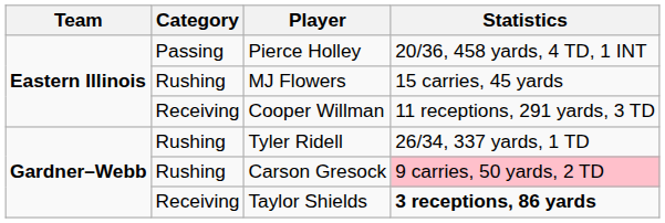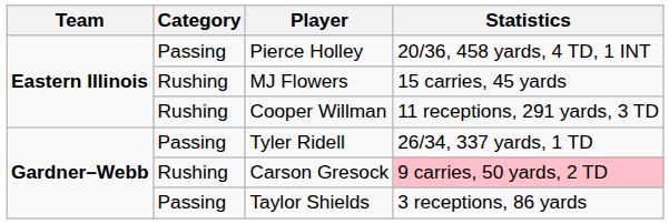 <table class="wikitable" style="float: right;">
 <tr>
 <th>Team</th>
 <th>Category</th>
 <th>Player</th>
 <th>Statistics</th>
 </tr>
 <tr>
 <td rowspan=3><strong>Eastern Illinois</strong></td>
 <td>Passing</td>
 <td>Pierce Holley</td>
 <td>20/36, 458 yards, 4 TD, 1 INT</td>
 </tr>
 <tr>
 <td>Rushing</td>
 <td>MJ Flowers</td>
 <td>15 carries, 45 yards</td>
 </tr>
 <tr>
-<td>Receiving</td>
+<td>Rushing</td>
 <td>Cooper Willman</td>
 <td>11 receptions, 291 yards, 3 TD</td>
 </tr>
 <tr>
 <td rowspan=3><strong>Gardner–Webb</strong></td>
-<td>Rushing</td>
+<td>Passing</td>
 <td>Tyler Ridell</td>
 <td>26/34, 337 yards, 1 TD</td>
 </tr>
 <tr>
 <td>Rushing</td>
 <td>Carson Gresock</td>
 <td style="background: pink;">9 carries, 50 yards, 2 TD</td>
 </tr>
 <tr>
-<td>Receiving</td>
+<td>Passing</td>
 <td>Taylor Shields</td>
-<td><strong>3 receptions, 86 yards</strong></td>
+<td>3 receptions, 86 yards</td>
 </tr>
 </table>
